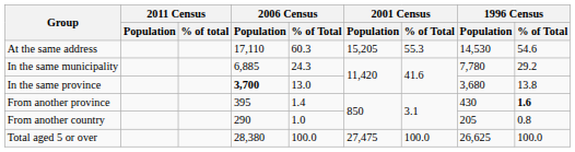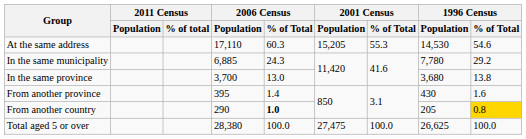 <table class="wikitable">
 <tr>
 <th rowspan = "2">Group</th>
 <th colspan = "2">2011 Census</th>
 <th colspan = "2">2006 Census</th>
 <th colspan = "2">2001 Census</th>
 <th colspan = "2">1996 Census</th>
 </tr>
 <tr>
 <th>Population</th>
 <th>% of total</th>
 <th>Population</th>
 <th>% of Total</th>
 <th>Population</th>
 <th>% of Total</th>
 <th>Population</th>
 <th>% of Total</th>
 </tr>
 <tr>
 <td>At the same address</td>
 <td></td>
 <td></td>
 <td>17,110</td>
 <td>60.3</td>
 <td>15,205</td>
 <td>55.3</td>
 <td>14,530</td>
 <td>54.6</td>
 </tr>
 <tr>
 <td>In the same municipality</td>
 <td></td>
 <td></td>
 <td>6,885</td>
 <td>24.3</td>
 <td rowspan = "2">11,420</td>
 <td rowspan = "2">41.6</td>
 <td>7,780</td>
 <td>29.2</td>
 </tr>
 <tr>
 <td>In the same province</td>
 <td></td>
 <td></td>
-<td><strong>3,700</strong></td>
+<td>3,700</td>
 <td>13.0</td>
 <td>3,680</td>
 <td>13.8</td>
 </tr>
 <tr>
 <td>From another province</td>
 <td></td>
 <td></td>
 <td>395</td>
 <td>1.4</td>
 <td rowspan = "2">850</td>
 <td rowspan = "2">3.1</td>
 <td>430</td>
-<td><strong>1.6</strong></td>
+<td>1.6</td>
 </tr>
 <tr>
 <td>From another country</td>
 <td></td>
 <td></td>
 <td>290</td>
-<td>1.0</td>
+<td><strong>1.0</strong></td>
 <td>205</td>
-<td>0.8</td>
+<td style="background: gold;">0.8</td>
 </tr>
 <tr>
 <td>Total aged 5 or over</td>
 <td></td>
 <td></td>
 <td>28,380</td>
 <td>100.0</td>
 <td>27,475</td>
 <td>100.0</td>
 <td>26,625</td>
 <td>100.0</td>
 </tr>
 </table>
